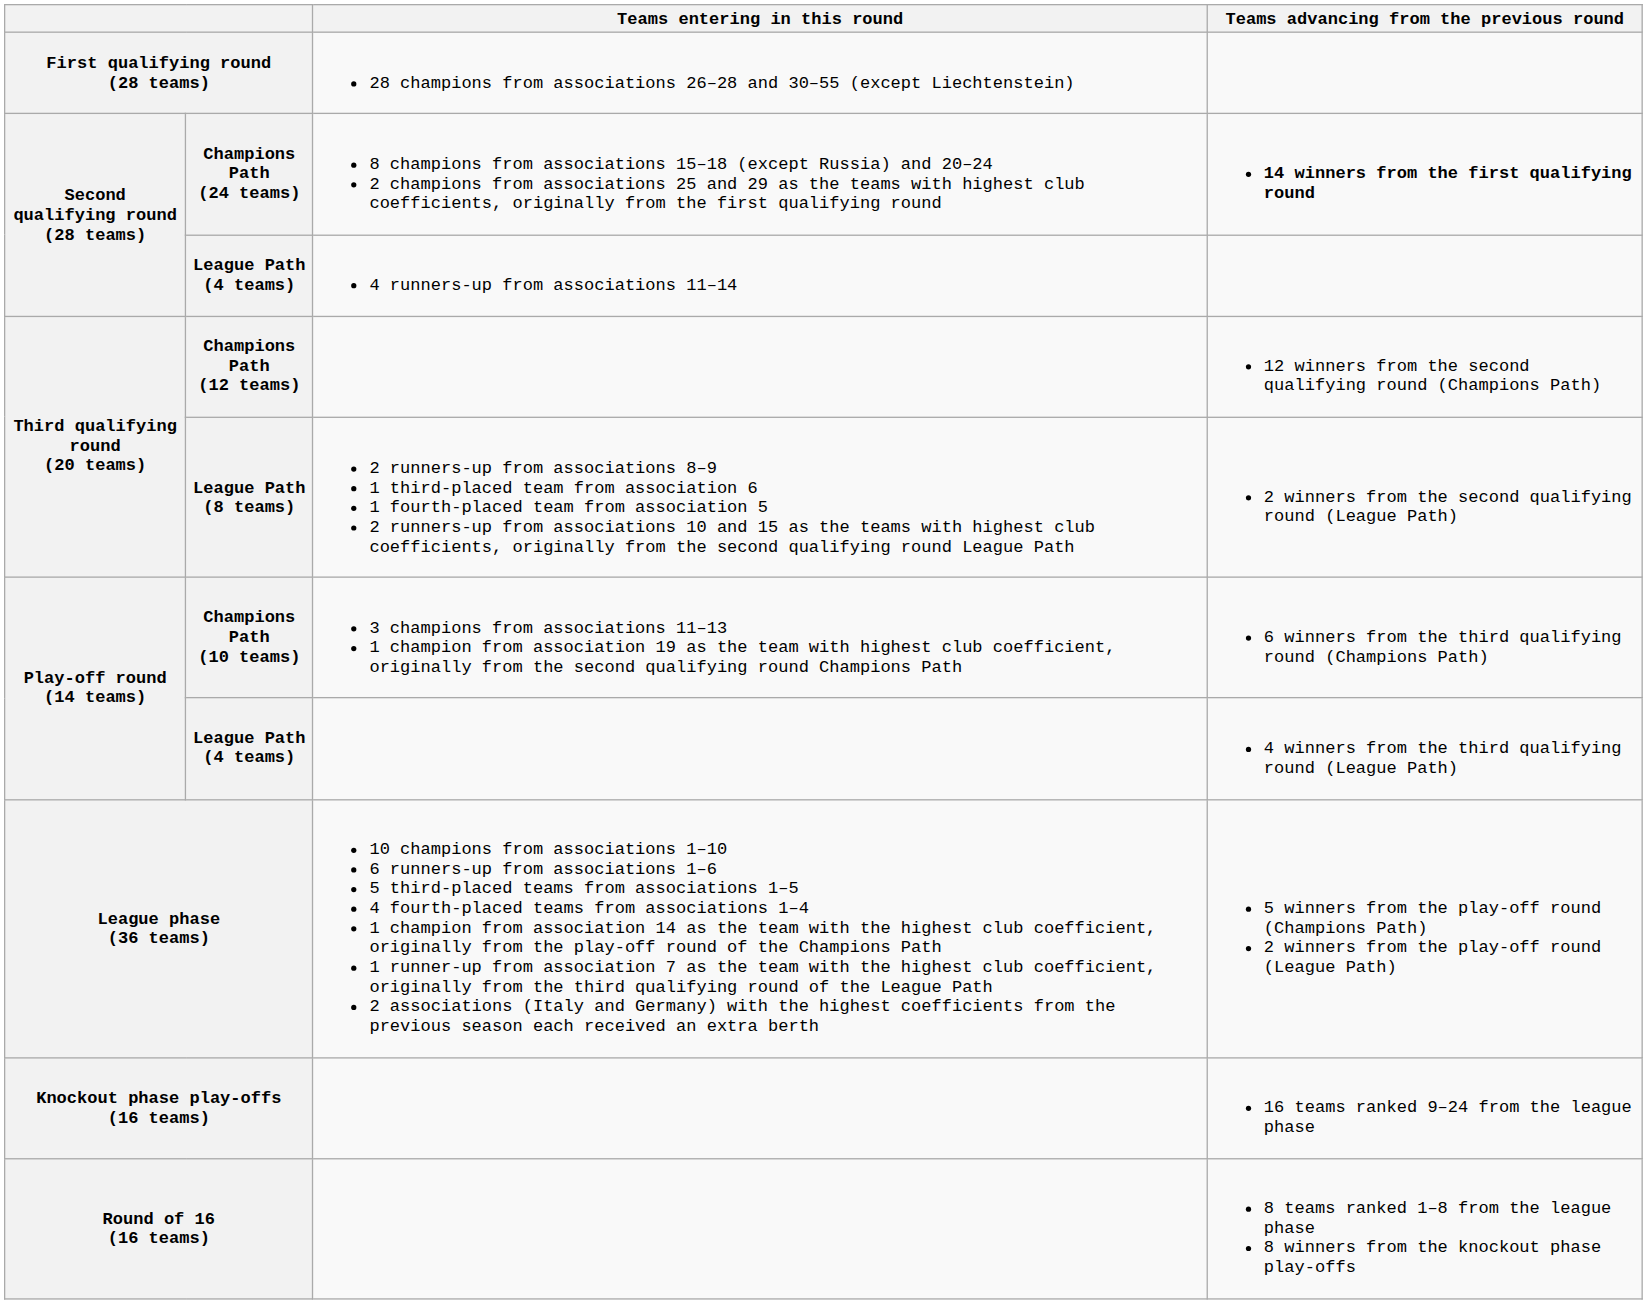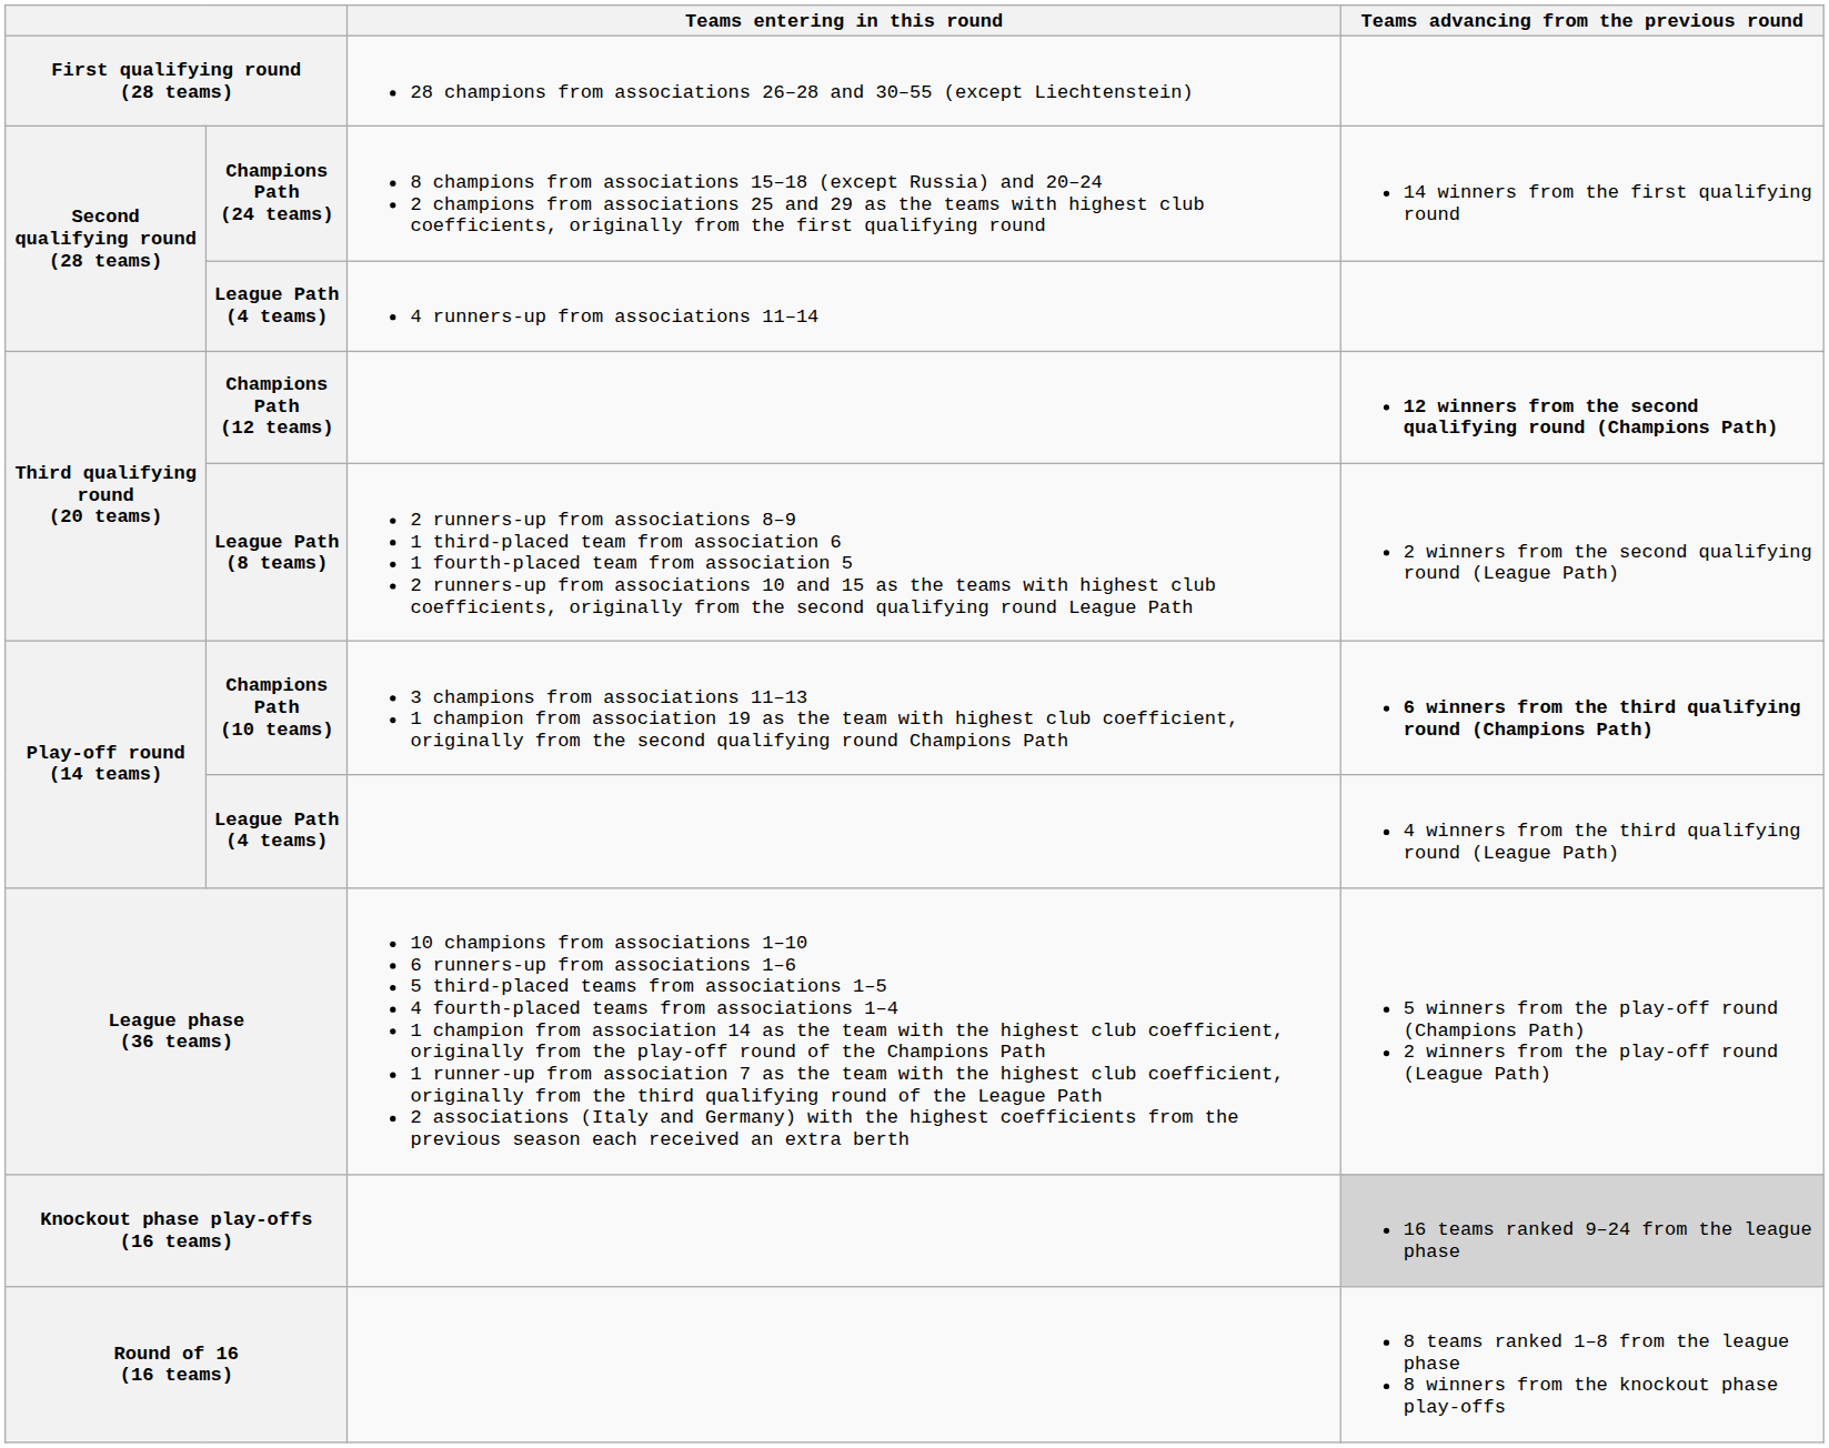 <table class="wikitable">
 <tr>
 <th colspan=2></th>
 <th>Teams entering in this round</th>
 <th>Teams advancing from the previous round</th>
 </tr>
 <tr>
 <th colspan=2>First qualifying round<br> (28 teams)</th>
 <td><br><ul><li>28 champions from associations 26–28 and 30–55 (except Liechtenstein)</li></ul></td>
 <td></td>
 </tr>
 <tr>
 <th rowspan=2>Second qualifying round<br> (28 teams)</th>
 <th>Champions Path<br> (24 teams)</th>
 <td><br><ul><li>8 champions from associations 15–18 (except Russia) and 20–24</li><li>2 champions from associations 25 and 29 as the teams with highest club coefficients, originally from the first qualifying round</li></ul></td>
-<td><strong><br><ul><li>14 winners from the first qualifying round</li></ul></strong></td>
+<td><br><ul><li>14 winners from the first qualifying round</li></ul></td>
 </tr>
 <tr>
 <th>League Path<br> (4 teams)</th>
 <td><br><ul><li>4 runners-up from associations 11–14</li></ul></td>
 <td></td>
 </tr>
 <tr>
 <th rowspan=2>Third qualifying round<br> (20 teams)</th>
 <th>Champions Path<br> (12 teams)</th>
 <td></td>
-<td><br><ul><li>12 winners from the second qualifying round (Champions Path)</li></ul></td>
+<td><strong><br><ul><li>12 winners from the second qualifying round (Champions Path)</li></ul></strong></td>
 </tr>
 <tr>
 <th>League Path<br> (8 teams)</th>
 <td><br><ul><li>2 runners-up from associations 8–9</li><li>1 third-placed team from association 6</li><li>1 fourth-placed team from association 5</li><li>2 runners-up from associations 10 and 15 as the teams with highest club coefficients, originally from the second qualifying round League Path</li></ul></td>
 <td><br><ul><li>2 winners from the second qualifying round (League Path)</li></ul></td>
 </tr>
 <tr>
 <th rowspan=2>Play-off round<br> (14 teams)</th>
 <th>Champions Path<br> (10 teams)</th>
 <td><br><ul><li>3 champions from associations 11–13</li><li>1 champion from association 19 as the team with highest club coefficient, originally from the second qualifying round Champions Path</li></ul></td>
-<td><br><ul><li>6 winners from the third qualifying round (Champions Path)</li></ul></td>
+<td><strong><br><ul><li>6 winners from the third qualifying round (Champions Path)</li></ul></strong></td>
 </tr>
 <tr>
 <th>League Path<br> (4 teams)</th>
 <td></td>
 <td><br><ul><li>4 winners from the third qualifying round (League Path)</li></ul></td>
 </tr>
 <tr>
 <th colspan=2>League phase<br> (36 teams)</th>
 <td><br><ul><li>10 champions from associations 1–10</li><li>6 runners-up from associations 1–6</li><li>5 third-placed teams from associations 1–5</li><li>4 fourth-placed teams from associations 1–4</li><li>1 champion from association 14 as the team with the highest club coefficient, originally from the play-off round of the Champions Path</li><li>1 runner-up from association 7 as the team with the highest club coefficient, originally from the third qualifying round of the League Path</li><li>2 associations (Italy and Germany) with the highest coefficients from the previous season each received an extra berth</li></ul></td>
 <td><br><ul><li>5 winners from the play-off round (Champions Path)</li><li>2 winners from the play-off round (League Path)</li></ul></td>
 </tr>
 <tr>
 <th colspan=2>Knockout phase play-offs<br>(16 teams)</th>
 <td></td>
-<td><br><ul><li>16 teams ranked 9–24 from the league phase</li></ul></td>
+<td style="background: lightgrey;"><br><ul><li>16 teams ranked 9–24 from the league phase</li></ul></td>
 </tr>
 <tr>
 <th colspan=2>Round of 16<br>(16 teams)</th>
 <td></td>
 <td><br><ul><li>8 teams ranked 1–8 from the league phase</li><li>8 winners from the knockout phase play-offs</li></ul></td>
 </tr>
 </table>
